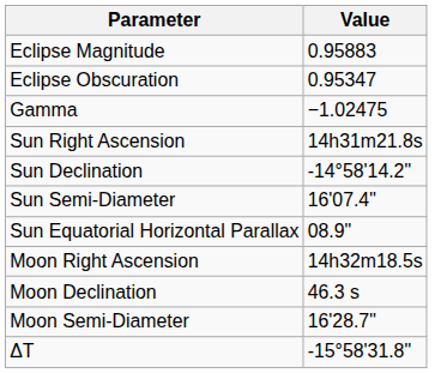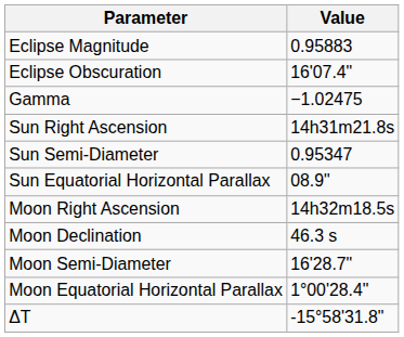 <table class="wikitable">
 <tr>
 <th>Parameter</th>
 <th>Value</th>
 </tr>
 <tr>
 <td>Eclipse Magnitude</td>
 <td>0.95883</td>
 </tr>
 <tr>
 <td>Eclipse Obscuration</td>
-<td>0.95347</td>
+<td>16'07.4"</td>
 </tr>
 <tr>
 <td>Gamma</td>
 <td>−1.02475</td>
 </tr>
 <tr>
 <td>Sun Right Ascension</td>
 <td>14h31m21.8s</td>
 </tr>
 <tr>
-<td>Sun Declination</td>
-<td>-14°58'14.2"</td>
-</tr>
-<tr>
 <td>Sun Semi-Diameter</td>
-<td>16'07.4"</td>
+<td>0.95347</td>
 </tr>
 <tr>
 <td>Sun Equatorial Horizontal Parallax</td>
 <td>08.9"</td>
 </tr>
 <tr>
 <td>Moon Right Ascension</td>
 <td>14h32m18.5s</td>
 </tr>
 <tr>
 <td>Moon Declination</td>
 <td>46.3 s</td>
 </tr>
 <tr>
 <td>Moon Semi-Diameter</td>
 <td>16'28.7"</td>
 </tr>
 <tr>
+<td>Moon Equatorial Horizontal Parallax</td>
+<td>1°00'28.4"</td>
+</tr>
+<tr>
 <td>ΔT</td>
 <td>-15°58'31.8"</td>
 </tr>
 </table>
